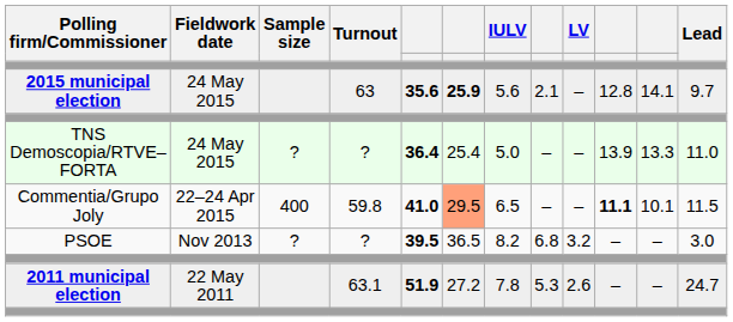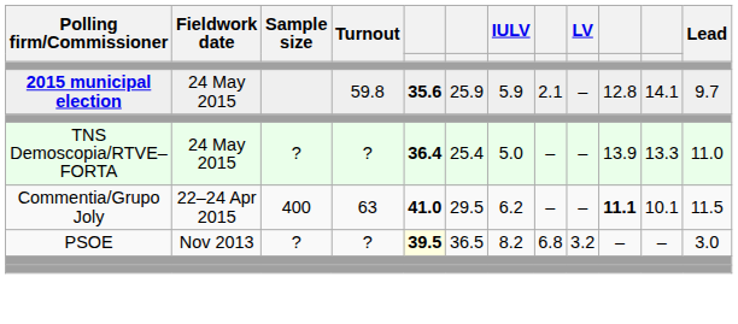 <table class="wikitable collapsible collapsed" style="text-align:center; font-size:95%; line-height:16px;">
 <tr style="height:42px;">
 <th style="width:250px;" rowspan="2">Polling firm/Commissioner</th>
 <th style="width:125px;" rowspan="2">Fieldwork date</th>
 <th style="width:50px;" rowspan="2">Sample size</th>
 <th style="width:45px;" rowspan="2">Turnout</th>
 <th style="width:35px;"></th>
 <th style="width:35px;"></th>
 <th style="width:35px;"><a href='#'>IULV</a></th>
 <th style="width:35px;"></th>
 <th style="width:35px;"><a href='#'>LV</a></th>
 <th style="width:35px;"></th>
 <th style="width:35px;"></th>
 <th style="width:30px;" rowspan="2">Lead</th>
 </tr>
 <tr>
 <th style="color:inherit;background:"></th>
 <th style="color:inherit;background:"></th>
 <th style="color:inherit;background:"></th>
 <th style="color:inherit;background:"></th>
 <th style="color:inherit;background:"></th>
 <th style="color:inherit;background:"></th>
 <th style="color:inherit;background:"></th>
 </tr>
 <tr>
 <td colspan="12" style="background:#A0A0A0"></td>
 </tr>
 <tr style="background:#EFEFEF;">
 <td><strong><a href='#'>2015 municipal election</a></strong></td>
 <td>24 May 2015</td>
 <td></td>
-<td>63</td>
+<td>59.8</td>
 <td><strong>35.6</strong><br></td>
-<td><strong>25.9<br></strong></td>
-<td>5.6<br></td>
+<td>25.9<br></td>
+<td>5.9<br></td>
 <td>2.1<br></td>
 <td>–</td>
 <td>12.8<br></td>
 <td>14.1<br></td>
 <td style="background:">9.7</td>
 </tr>
 <tr>
 <td colspan="12" style="background:#A0A0A0"></td>
 </tr>
 <tr style="background:#EAFFEA;">
 <td>TNS Demoscopia/RTVE–FORTA</td>
 <td>24 May 2015</td>
 <td>?</td>
 <td>?</td>
 <td><strong>36.4</strong><br></td>
 <td>25.4<br></td>
 <td>5.0<br></td>
 <td>–</td>
 <td>–</td>
 <td>13.9<br></td>
 <td>13.3<br></td>
 <td style="background:">11.0</td>
 </tr>
 <tr>
 <td>Commentia/Grupo Joly</td>
 <td>22–24 Apr 2015</td>
 <td>400</td>
-<td>59.8</td>
+<td>63</td>
 <td><strong>41.0</strong><br></td>
-<td style="background: lightsalmon;">29.5<br></td>
-<td>6.5<br></td>
+<td>29.5<br></td>
+<td>6.2<br></td>
 <td>–</td>
 <td>–</td>
 <td><strong>11.1<br></strong></td>
 <td>10.1<br></td>
 <td style="background:">11.5</td>
 </tr>
 <tr>
 <td>PSOE</td>
 <td>Nov 2013</td>
 <td>?</td>
 <td>?</td>
-<td><strong>39.5</strong></td>
+<td style="background: lightyellow;"><strong>39.5</strong></td>
 <td>36.5</td>
 <td>8.2</td>
 <td>6.8</td>
 <td>3.2</td>
 <td>–</td>
 <td>–</td>
 <td style="background:">3.0</td>
 </tr>
 <tr>
 <td colspan="12" style="background:#A0A0A0"></td>
 </tr>
-<tr style="background:#EFEFEF;">
-<td><strong><a href='#'>2011 municipal election</a></strong></td>
-<td>22 May 2011</td>
-<td></td>
-<td>63.1</td>
-<td><strong>51.9</strong><br></td>
-<td>27.2<br></td>
-<td>7.8<br></td>
-<td>5.3<br></td>
-<td>2.6<br></td>
-<td>–</td>
-<td>–</td>
-<td style="background:">24.7</td>
-</tr>
 <tr>
 <td colspan="12" style="background:#A0A0A0"></td>
 </tr>
 </table>
